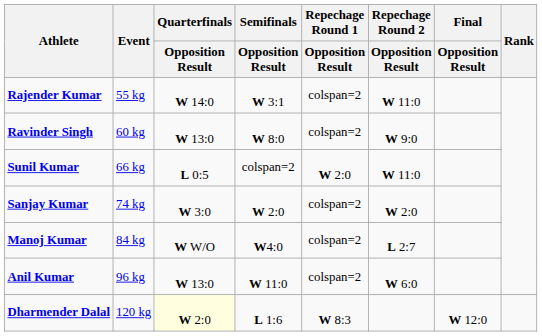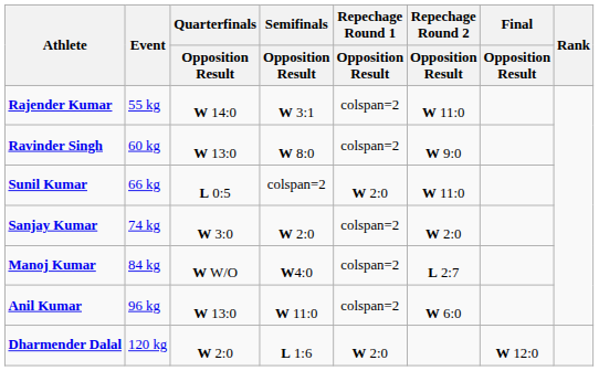 <table class="wikitable" style="font-size:90%">
 <tr>
 <th rowspan="2">Athlete</th>
 <th rowspan="2">Event</th>
 <th>Quarterfinals</th>
 <th>Semifinals</th>
 <th>Repechage<br> Round 1</th>
 <th>Repechage<br> Round 2</th>
 <th>Final</th>
 <th rowspan="2">Rank</th>
 </tr>
 <tr>
 <th>Opposition<br>Result</th>
 <th>Opposition<br>Result</th>
 <th>Opposition<br>Result</th>
 <th>Opposition<br>Result</th>
 <th>Opposition<br>Result</th>
 </tr>
 <tr align=center>
 <td align=left><strong><a href='#'>Rajender Kumar</a></strong></td>
 <td align=left><a href='#'>55 kg</a></td>
 <td><br><strong>W</strong> 14:0</td>
 <td><br><strong>W</strong> 3:1</td>
 <td>colspan=2 </td>
 <td><br><strong>W</strong> 11:0</td>
 <td></td>
 </tr>
 <tr align=center>
 <td align=left><strong><a href='#'>Ravinder Singh</a></strong></td>
 <td align=left><a href='#'>60 kg</a></td>
 <td><br><strong>W</strong> 13:0</td>
 <td><br><strong>W</strong> 8:0</td>
 <td>colspan=2 </td>
 <td><br><strong>W</strong> 9:0</td>
 <td></td>
 </tr>
 <tr align=center>
 <td align=left><strong><a href='#'>Sunil Kumar</a></strong></td>
 <td align=left><a href='#'>66 kg</a></td>
 <td><br><strong>L</strong> 0:5</td>
 <td>colspan=2 </td>
 <td><br><strong>W</strong> 2:0</td>
 <td><br><strong>W</strong> 11:0</td>
 <td></td>
 </tr>
 <tr align=center>
 <td align=left><strong><a href='#'>Sanjay Kumar</a></strong></td>
 <td align=left><a href='#'>74 kg</a></td>
 <td><br><strong>W</strong> 3:0</td>
 <td><br><strong>W</strong> 2:0</td>
 <td>colspan=2 </td>
 <td><br><strong>W</strong> 2:0</td>
 <td></td>
 </tr>
 <tr align=center>
 <td align=left><strong><a href='#'>Manoj Kumar</a></strong></td>
 <td align=left><a href='#'>84 kg</a></td>
 <td><br><strong>W</strong> W/O</td>
 <td><br><strong>W</strong>4:0</td>
 <td>colspan=2 </td>
 <td><br><strong>L</strong> 2:7</td>
 <td></td>
 </tr>
 <tr align=center>
 <td align=left><strong><a href='#'>Anil Kumar</a></strong></td>
 <td align=left><a href='#'>96 kg</a></td>
 <td><br><strong>W</strong> 13:0</td>
 <td><br><strong>W</strong> 11:0</td>
 <td>colspan=2 </td>
 <td><br><strong>W</strong> 6:0</td>
 <td></td>
 </tr>
 <tr align=center>
 <td align=left><strong><a href='#'>Dharmender Dalal</a></strong></td>
 <td align=left><a href='#'>120 kg</a></td>
-<td style="background: lightyellow;"><br><strong>W</strong> 2:0</td>
+<td><br><strong>W</strong> 2:0</td>
 <td><br><strong>L</strong> 1:6</td>
-<td><br><strong>W</strong> 8:3</td>
+<td><br><strong>W</strong> 2:0</td>
 <td></td>
 <td><br><strong>W</strong> 12:0</td>
 <td></td>
 </tr>
 </table>
